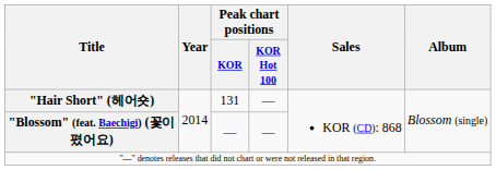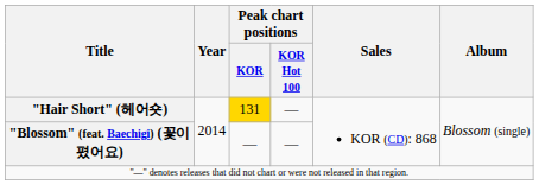 <table class="wikitable plainrowheaders" style="text-align:center;">
 <tr>
 <th scope="col" rowspan="2" style="width:13em;">Title</th>
 <th scope="col" rowspan="2">Year</th>
 <th scope="col" colspan="2">Peak chart positions</th>
 <th scope="col" rowspan="2">Sales</th>
 <th scope="col" rowspan="2">Album</th>
 </tr>
 <tr>
 <th width="40"><small><a href='#'>KOR</a></small><br></th>
 <th width="40"><small><a href='#'>KOR<br>Hot 100</a></small><br></th>
 </tr>
 <tr>
 <th scope="row">"Hair Short" (헤어숏)</th>
 <td rowspan="2">2014</td>
-<td>131</td>
+<td style="background: gold;">131</td>
 <td>—</td>
 <td rowspan="2"><br><ul><li>KOR <small>(<a href='#'>CD</a>)</small>: 868 </li></ul></td>
 <td rowspan="2"><em>Blossom</em> <small>(single)</small></td>
 </tr>
 <tr>
 <th scope="row">"Blossom" <small>(feat. <a href='#'>Baechigi</a>)</small> (꽃이 폈어요)</th>
 <td>—</td>
 <td>—</td>
 </tr>
 <tr>
 <td colspan="6" style="font-size:8pt;">"—" denotes releases that did not chart or were not released in that region.</td>
 </tr>
 </table>
